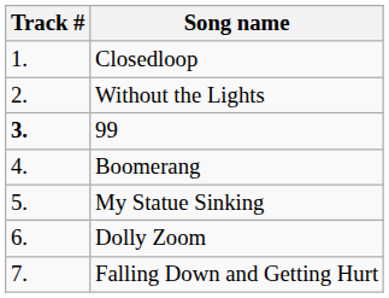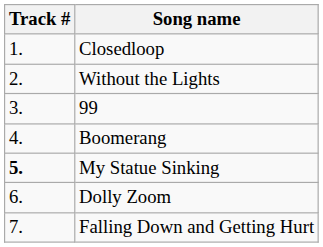 <table class="wikitable">
 <tr>
 <th>Track #</th>
 <th>Song name</th>
 </tr>
 <tr>
 <td>1.</td>
 <td>Closedloop</td>
 </tr>
 <tr>
 <td>2.</td>
 <td>Without the Lights</td>
 </tr>
 <tr>
-<td><strong>3.</strong></td>
+<td>3.</td>
 <td>99</td>
 </tr>
 <tr>
 <td>4.</td>
 <td>Boomerang</td>
 </tr>
 <tr>
-<td>5.</td>
+<td><strong>5.</strong></td>
 <td>My Statue Sinking</td>
 </tr>
 <tr>
 <td>6.</td>
 <td>Dolly Zoom</td>
 </tr>
 <tr>
 <td>7.</td>
 <td>Falling Down and Getting Hurt</td>
 </tr>
 </table>
